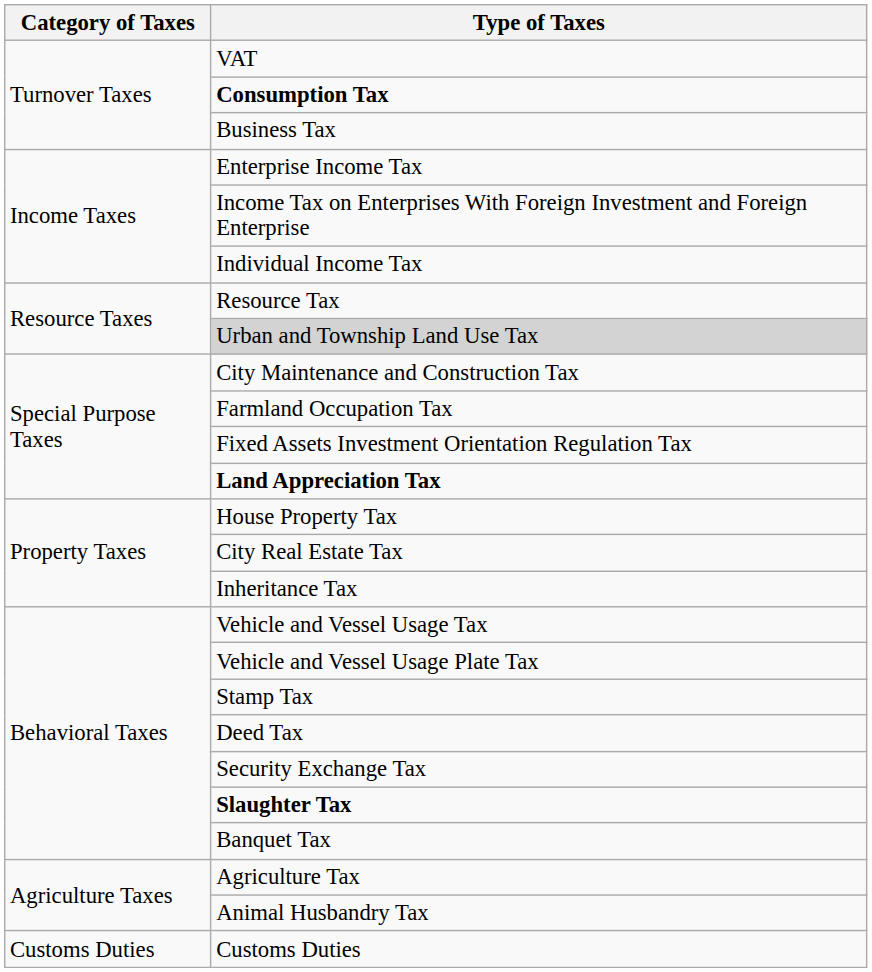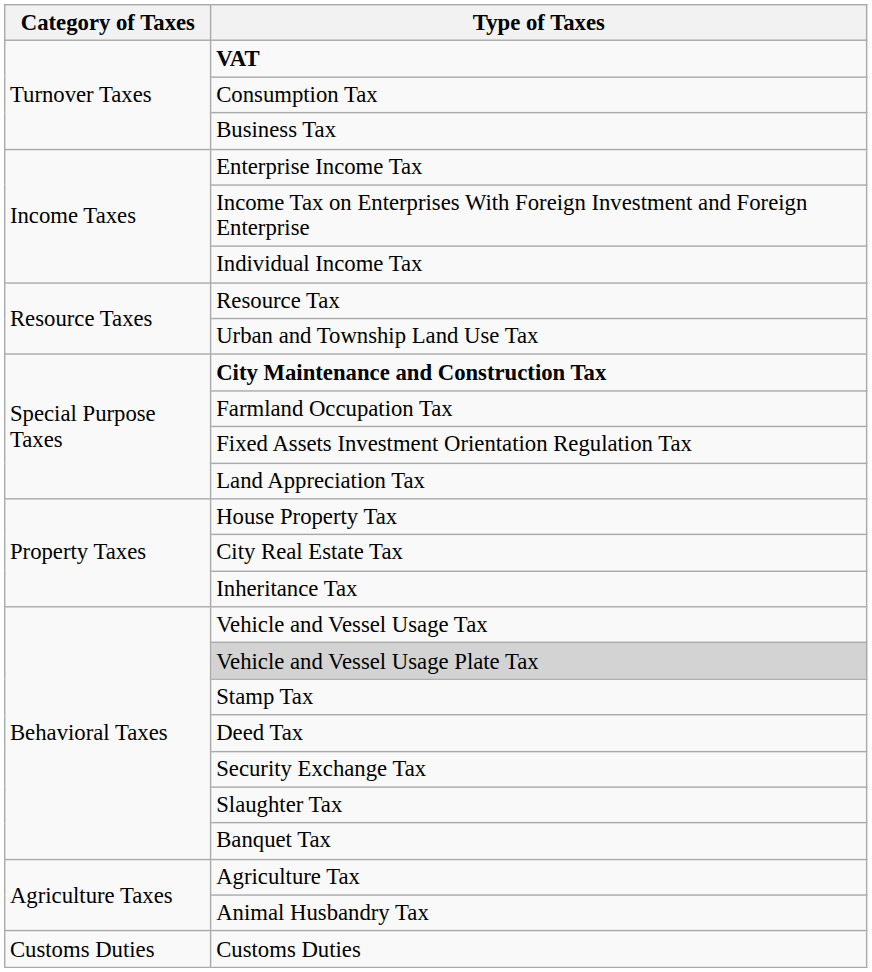 <table class="wikitable">
 <tr>
 <th>Category of Taxes</th>
 <th>Type of Taxes</th>
 </tr>
 <tr>
 <td rowspan="3">Turnover Taxes</td>
-<td>VAT</td>
+<td><strong>VAT</strong></td>
 </tr>
 <tr>
-<td><strong>Consumption Tax</strong></td>
+<td>Consumption Tax</td>
 </tr>
 <tr>
 <td>Business Tax</td>
 </tr>
 <tr>
 <td rowspan="3">Income Taxes</td>
 <td>Enterprise Income Tax</td>
 </tr>
 <tr>
 <td>Income Tax on Enterprises With Foreign Investment and Foreign Enterprise</td>
 </tr>
 <tr>
 <td>Individual Income Tax</td>
 </tr>
 <tr>
 <td rowspan="2">Resource Taxes</td>
 <td>Resource Tax</td>
 </tr>
 <tr>
-<td style="background: lightgrey;">Urban and Township Land Use Tax</td>
+<td>Urban and Township Land Use Tax</td>
 </tr>
 <tr>
 <td rowspan="4">Special Purpose Taxes</td>
-<td>City Maintenance and Construction Tax</td>
+<td><strong>City Maintenance and Construction Tax</strong></td>
 </tr>
 <tr>
 <td>Farmland Occupation Tax</td>
 </tr>
 <tr>
 <td>Fixed Assets Investment Orientation Regulation Tax</td>
 </tr>
 <tr>
-<td><strong>Land Appreciation Tax</strong></td>
+<td>Land Appreciation Tax</td>
 </tr>
 <tr>
 <td rowspan="3">Property Taxes</td>
 <td>House Property Tax</td>
 </tr>
 <tr>
 <td>City Real Estate Tax</td>
 </tr>
 <tr>
 <td>Inheritance Tax</td>
 </tr>
 <tr>
 <td rowspan="7">Behavioral Taxes</td>
 <td>Vehicle and Vessel Usage Tax</td>
 </tr>
 <tr>
-<td>Vehicle and Vessel Usage Plate Tax</td>
+<td style="background: lightgrey;">Vehicle and Vessel Usage Plate Tax</td>
 </tr>
 <tr>
 <td>Stamp Tax</td>
 </tr>
 <tr>
 <td>Deed Tax</td>
 </tr>
 <tr>
 <td>Security Exchange Tax</td>
 </tr>
 <tr>
-<td><strong>Slaughter Tax</strong></td>
+<td>Slaughter Tax</td>
 </tr>
 <tr>
 <td>Banquet Tax</td>
 </tr>
 <tr>
 <td rowspan="2">Agriculture Taxes</td>
 <td>Agriculture Tax</td>
 </tr>
 <tr>
 <td>Animal Husbandry Tax</td>
 </tr>
 <tr>
 <td rowspan="1">Customs Duties</td>
 <td>Customs Duties</td>
 </tr>
 </table>
